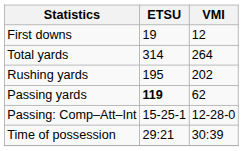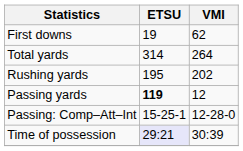 <table class="wikitable" style="float: left;">
 <tr>
 <th>Statistics</th>
 <th>ETSU</th>
 <th>VMI</th>
 </tr>
 <tr>
 <td>First downs</td>
 <td>19</td>
-<td>12</td>
+<td>62</td>
 </tr>
 <tr>
 <td>Total yards</td>
 <td>314</td>
 <td>264</td>
 </tr>
 <tr>
 <td>Rushing yards</td>
 <td>195</td>
 <td>202</td>
 </tr>
 <tr>
 <td>Passing yards</td>
 <td><strong>119</strong></td>
-<td>62</td>
+<td>12</td>
 </tr>
 <tr>
 <td>Passing: Comp–Att–Int</td>
 <td>15-25-1</td>
 <td>12-28-0</td>
 </tr>
 <tr>
 <td>Time of possession</td>
-<td>29:21</td>
+<td style="background: lavender;">29:21</td>
 <td>30:39</td>
 </tr>
 <tr>
 </tr>
 </table>
